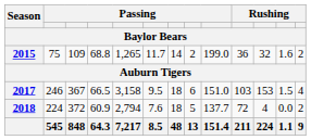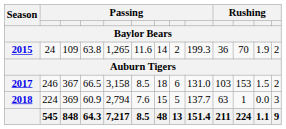 <table class="wikitable" style="text-align:center;">
 <tr>
 <th rowspan="2">Season</th>
 <th colspan="8">Passing</th>
 <th colspan="4">Rushing</th>
 </tr>
 <tr>
 <th></th>
 <th></th>
 <th></th>
 <th></th>
 <th></th>
 <th></th>
 <th></th>
 <th></th>
 <th></th>
 <th></th>
 <th></th>
 <th></th>
 </tr>
 <tr>
 <th colspan="14">Baylor Bears</th>
 </tr>
 <tr>
 <th><a href='#'>2015</a></th>
-<td>75</td>
+<td>24</td>
 <td>109</td>
-<td>68.8</td>
+<td>63.8</td>
 <td>1,265</td>
-<td>11.7</td>
+<td>11.6</td>
 <td>14</td>
 <td>2</td>
-<td>199.0</td>
+<td>199.3</td>
 <td>36</td>
-<td>32</td>
-<td>1.6</td>
+<td>70</td>
+<td>1.9</td>
 <td>2</td>
 </tr>
 <tr>
 <th colspan="16">Auburn Tigers</th>
 </tr>
 <tr>
 <th><a href='#'>2017</a></th>
 <td>246</td>
 <td>367</td>
 <td>66.5</td>
 <td>3,158</td>
-<td>9.5</td>
+<td>8.5</td>
 <td>18</td>
 <td>6</td>
-<td>151.0</td>
+<td>131.0</td>
 <td>103</td>
 <td>153</td>
 <td>1.5</td>
-<td>4</td>
+<td>2</td>
 </tr>
 <tr>
 <th><a href='#'>2018</a></th>
 <td>224</td>
-<td>372</td>
+<td>369</td>
 <td>60.9</td>
 <td>2,794</td>
 <td>7.6</td>
-<td>18</td>
+<td>15</td>
 <td>5</td>
 <td>137.7</td>
-<td>72</td>
-<td>4</td>
+<td>63</td>
+<td>1</td>
 <td>0.0</td>
-<td>2</td>
+<td>3</td>
 </tr>
 <tr>
 <th></th>
 <th>545</th>
 <th>848</th>
 <th>64.3</th>
 <th>7,217</th>
 <th>8.5</th>
 <th>48</th>
 <th>13</th>
 <th>151.4</th>
 <th>211</th>
 <th>224</th>
 <th>1.1</th>
 <th>9</th>
 </tr>
 </table>
